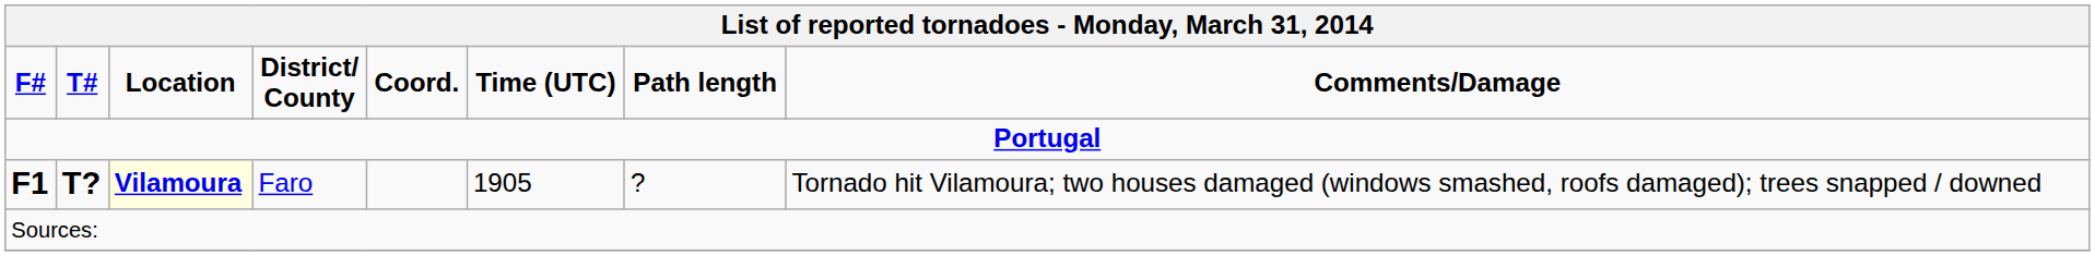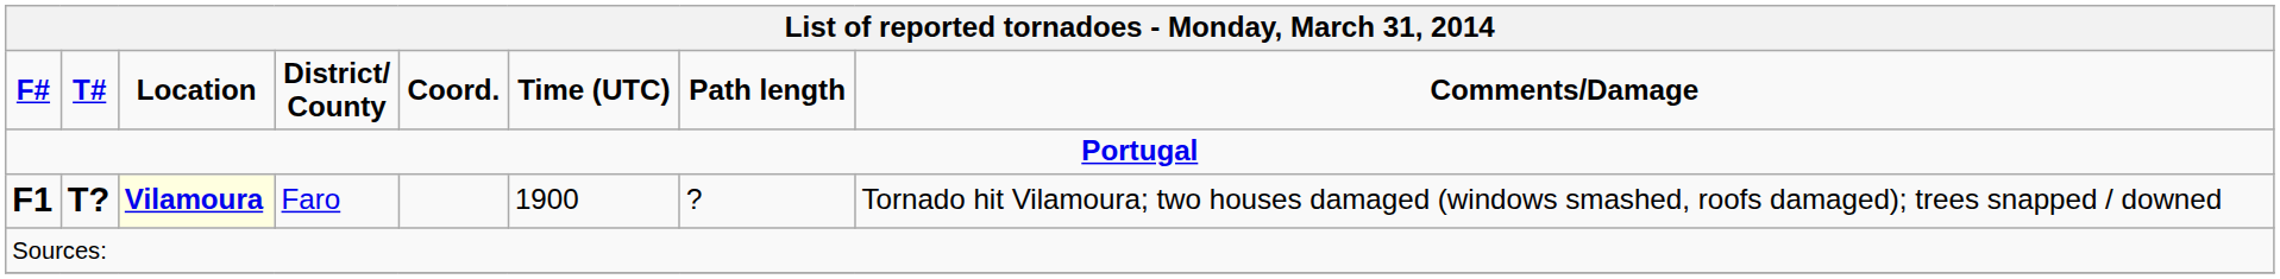 <table class="wikitable collapsible" width="100%">
 <tr>
 <th colspan="8">List of reported tornadoes - Monday, March 31, 2014</th>
 </tr>
 <tr>
 <td style="text-align: center;"><strong><a href='#'>F#</a></strong></td>
 <td style="text-align: center;"><strong><a href='#'>T#</a></strong></td>
 <td style="text-align: center;"><strong>Location</strong></td>
 <td style="text-align: center;"><strong>District/<br>County</strong></td>
 <td style="text-align: center;"><strong>Coord.</strong></td>
 <td style="text-align: center;"><strong>Time (UTC)</strong></td>
 <td style="text-align: center;"><strong>Path length</strong></td>
 <td style="text-align: center;"><strong>Comments/Damage</strong></td>
 </tr>
 <tr>
 <td colspan="8" align=center><strong><a href='#'>Portugal</a></strong></td>
 </tr>
 <tr>
 <td><big><strong>F1</strong></big></td>
 <td><big><strong>T?</strong></big></td>
 <td style="background: lightyellow;"><strong><a href='#'>Vilamoura</a></strong></td>
 <td><a href='#'>Faro</a></td>
 <td></td>
-<td>1905</td>
+<td>1900</td>
 <td>?</td>
 <td>Tornado hit Vilamoura; two houses damaged (windows smashed, roofs damaged); trees snapped / downed</td>
 </tr>
 <tr>
 <td colspan="8"><small>Sources:</small></td>
 </tr>
 <tr>
 </tr>
 </table>
